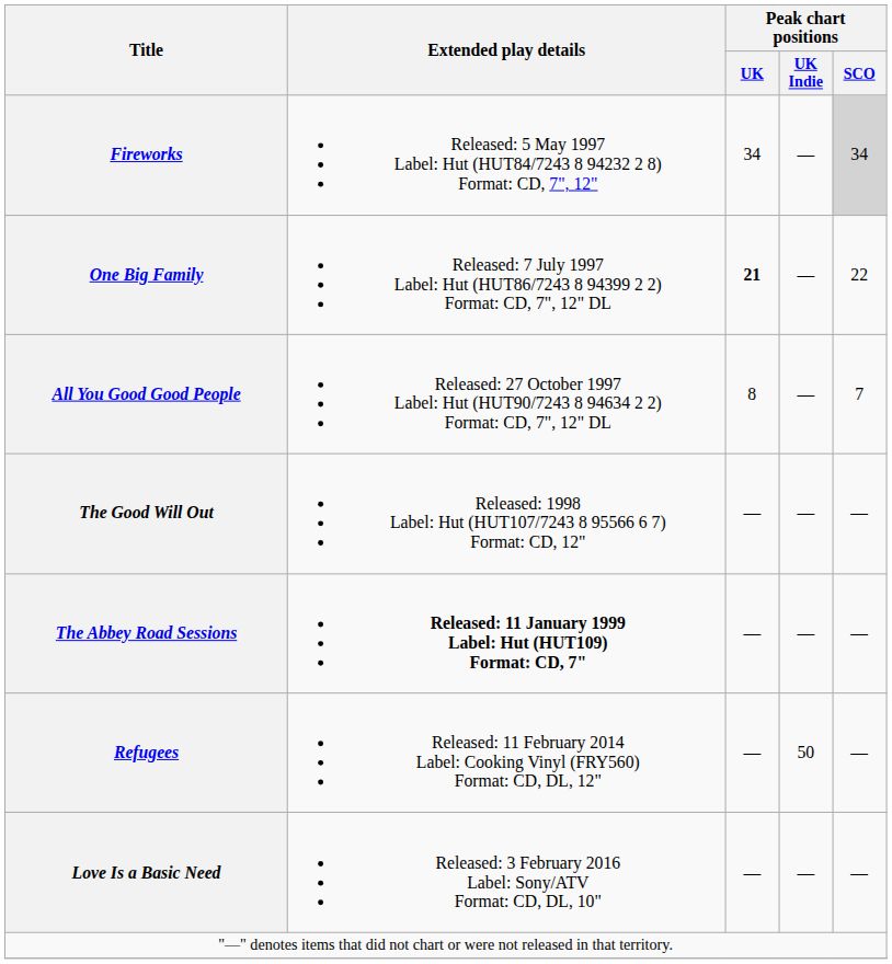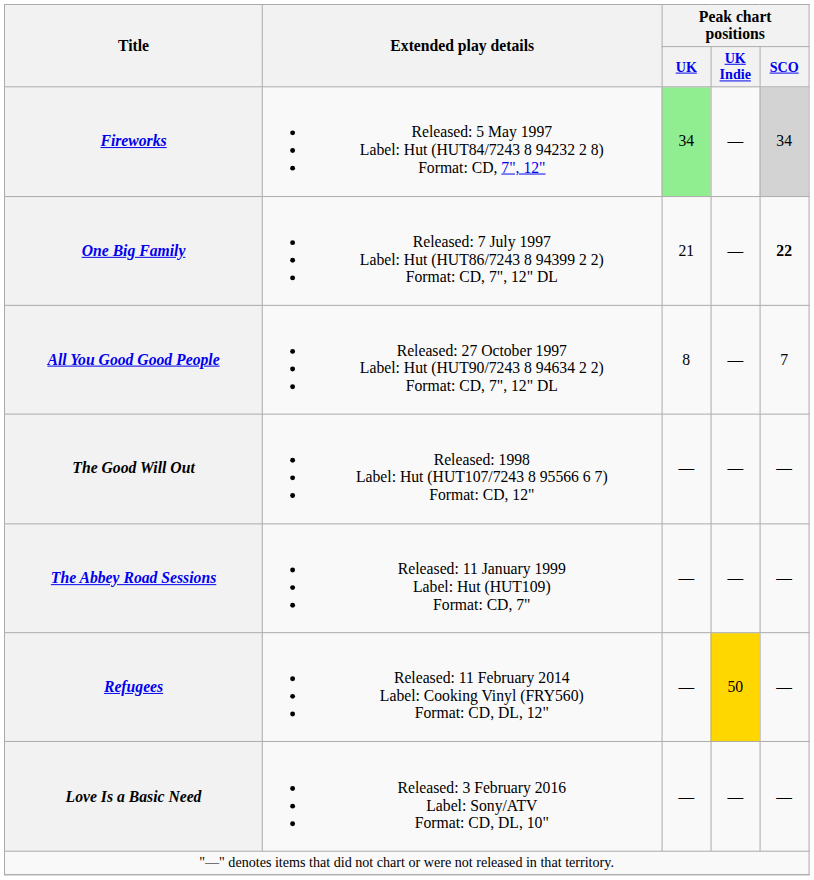 <table class="wikitable plainrowheaders" style="text-align:center;">
 <tr>
 <th scope="col" rowspan="2" style="width:16em;">Title</th>
 <th scope="col" rowspan="2" style="width:25em;">Extended play details</th>
 <th scope="col" colspan="3">Peak chart<br>positions</th>
 </tr>
 <tr>
 <th style="width:3em;font-size:90%;"><a href='#'>UK</a><br></th>
 <th style="width:3em;font-size:90%;"><a href='#'>UK<br>Indie</a><br></th>
 <th style="width:3em;font-size:90%;"><a href='#'>SCO</a><br></th>
 </tr>
 <tr>
 <th scope="row"><em><a href='#'>Fireworks</a></em></th>
 <td><br><ul><li>Released: 5 May 1997</li><li>Label: Hut (HUT84/7243 8 94232 2 8)</li><li>Format: CD, <a href='#'>7", 12"</a></li></ul></td>
-<td>34</td>
+<td style="background: lightgreen;">34</td>
 <td>—</td>
 <td style="background: lightgrey;">34</td>
 </tr>
 <tr>
 <th scope="row"><em><a href='#'>One Big Family</a></em></th>
 <td><br><ul><li>Released: 7 July 1997</li><li>Label: Hut (HUT86/7243 8 94399 2 2)</li><li>Format: CD, 7", 12" DL</li></ul></td>
-<td><strong>21</strong></td>
+<td>21</td>
 <td>—</td>
-<td>22</td>
+<td><strong>22</strong></td>
 </tr>
 <tr>
 <th scope="row"><em><a href='#'>All You Good Good People</a></em></th>
 <td><br><ul><li>Released: 27 October 1997</li><li>Label: Hut (HUT90/7243 8 94634 2 2)</li><li>Format: CD, 7", 12" DL</li></ul></td>
 <td>8</td>
 <td>—</td>
 <td>7</td>
 </tr>
 <tr>
 <th scope="row"><em>The Good Will Out</em></th>
 <td><br><ul><li>Released: 1998</li><li>Label: Hut (HUT107/7243 8 95566 6 7)</li><li>Format: CD, 12"</li></ul></td>
 <td>—</td>
 <td>—</td>
 <td>—</td>
 </tr>
 <tr>
 <th scope="row"><em><a href='#'>The Abbey Road Sessions</a></em></th>
-<td><strong><br><ul><li>Released: 11 January 1999</li><li>Label: Hut (HUT109)</li><li>Format: CD, 7"</li></ul></strong></td>
+<td><br><ul><li>Released: 11 January 1999</li><li>Label: Hut (HUT109)</li><li>Format: CD, 7"</li></ul></td>
 <td>—</td>
 <td>—</td>
 <td>—</td>
 </tr>
 <tr>
 <th scope="row"><em><a href='#'>Refugees</a></em></th>
 <td><br><ul><li>Released: 11 February 2014</li><li>Label:  Cooking Vinyl (FRY560)</li><li>Format: CD, DL, 12"</li></ul></td>
 <td>—</td>
-<td>50</td>
+<td style="background: gold;">50</td>
 <td>—</td>
 </tr>
 <tr>
 <th scope="row"><em>Love Is a Basic Need</em></th>
 <td><br><ul><li>Released: 3 February 2016</li><li>Label: Sony/ATV</li><li>Format: CD, DL, 10"</li></ul></td>
 <td>—</td>
 <td>—</td>
 <td>—</td>
 </tr>
 <tr>
 <td align="center" colspan="15" style="font-size:90%">"—" denotes items that did not chart or were not released in that territory.</td>
 </tr>
 <tr>
 </tr>
 </table>
